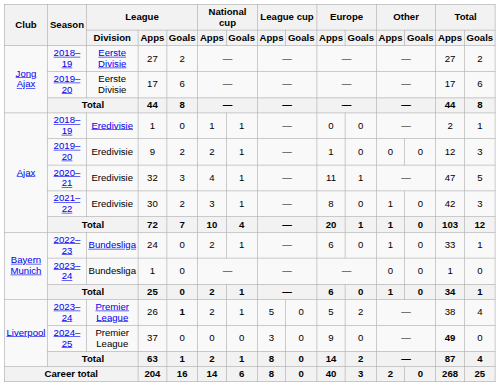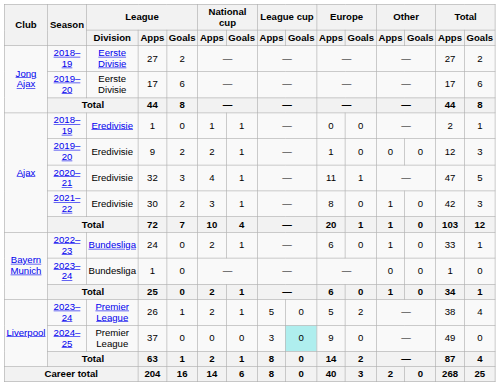 <table class="wikitable" style="text-align: center;">
 <tr>
 <th rowspan="2">Club</th>
 <th rowspan="2">Season</th>
 <th colspan="3">League</th>
 <th colspan="2">National cup</th>
 <th colspan="2">League cup</th>
 <th colspan="2">Europe</th>
 <th colspan="2">Other</th>
 <th colspan="2">Total</th>
 </tr>
 <tr>
 <th>Division</th>
 <th>Apps</th>
 <th>Goals</th>
 <th>Apps</th>
 <th>Goals</th>
 <th>Apps</th>
 <th>Goals</th>
 <th>Apps</th>
 <th>Goals</th>
 <th>Apps</th>
 <th>Goals</th>
 <th>Apps</th>
 <th>Goals</th>
 </tr>
 <tr>
 <td rowspan="3"><a href='#'>Jong Ajax</a></td>
 <td><a href='#'>2018–19</a></td>
 <td><a href='#'>Eerste Divisie</a></td>
 <td>27</td>
 <td>2</td>
 <td colspan="2">—</td>
 <td colspan="2">—</td>
 <td colspan="2">—</td>
 <td colspan="2">—</td>
 <td>27</td>
 <td>2</td>
 </tr>
 <tr>
 <td><a href='#'>2019–20</a></td>
 <td>Eerste Divisie</td>
 <td>17</td>
 <td>6</td>
 <td colspan="2">—</td>
 <td colspan="2">—</td>
 <td colspan="2">—</td>
 <td colspan="2">—</td>
 <td>17</td>
 <td>6</td>
 </tr>
 <tr>
 <th colspan="2">Total</th>
 <th>44</th>
 <th>8</th>
 <th colspan="2">—</th>
 <th colspan="2">—</th>
 <th colspan="2">—</th>
 <th colspan="2">—</th>
 <th>44</th>
 <th>8</th>
 </tr>
 <tr>
 <td rowspan="5"><a href='#'>Ajax</a></td>
 <td><a href='#'>2018–19</a></td>
 <td><a href='#'>Eredivisie</a></td>
 <td>1</td>
 <td>0</td>
 <td>1</td>
 <td>1</td>
 <td colspan="2">—</td>
 <td>0</td>
 <td>0</td>
 <td colspan="2">—</td>
 <td>2</td>
 <td>1</td>
 </tr>
 <tr>
 <td><a href='#'>2019–20</a></td>
 <td>Eredivisie</td>
 <td>9</td>
 <td>2</td>
 <td>2</td>
 <td>1</td>
 <td colspan="2">—</td>
 <td>1</td>
 <td>0</td>
 <td>0</td>
 <td>0</td>
 <td>12</td>
 <td>3</td>
 </tr>
 <tr>
 <td><a href='#'>2020–21</a></td>
 <td>Eredivisie</td>
 <td>32</td>
 <td>3</td>
 <td>4</td>
 <td>1</td>
 <td colspan="2">—</td>
 <td>11</td>
 <td>1</td>
 <td colspan="2">—</td>
 <td>47</td>
 <td>5</td>
 </tr>
 <tr>
 <td><a href='#'>2021–22</a></td>
 <td>Eredivisie</td>
 <td>30</td>
 <td>2</td>
 <td>3</td>
 <td>1</td>
 <td colspan="2">—</td>
 <td>8</td>
 <td>0</td>
 <td>1</td>
 <td>0</td>
 <td>42</td>
 <td>3</td>
 </tr>
 <tr>
 <th colspan="2">Total</th>
 <th>72</th>
 <th>7</th>
 <th>10</th>
 <th>4</th>
 <th colspan="2">—</th>
 <th>20</th>
 <th>1</th>
 <th>1</th>
 <th>0</th>
 <th>103</th>
 <th>12</th>
 </tr>
 <tr>
 <td rowspan="3"><a href='#'>Bayern Munich</a></td>
 <td><a href='#'>2022–23</a></td>
 <td><a href='#'>Bundesliga</a></td>
 <td>24</td>
 <td>0</td>
 <td>2</td>
 <td>1</td>
 <td colspan="2">—</td>
 <td>6</td>
 <td>0</td>
 <td>1</td>
 <td>0</td>
 <td>33</td>
 <td>1</td>
 </tr>
 <tr>
 <td><a href='#'>2023–24</a></td>
 <td>Bundesliga</td>
 <td>1</td>
 <td>0</td>
 <td colspan="2">—</td>
 <td colspan="2">—</td>
 <td colspan="2">—</td>
 <td>0</td>
 <td>0</td>
 <td>1</td>
 <td>0</td>
 </tr>
 <tr>
 <th colspan="2">Total</th>
 <th>25</th>
 <th>0</th>
 <th>2</th>
 <th>1</th>
 <th colspan="2">—</th>
 <th>6</th>
 <th>0</th>
 <th>1</th>
 <th>0</th>
 <th>34</th>
 <th>1</th>
 </tr>
 <tr>
 <td rowspan="3"><a href='#'>Liverpool</a></td>
 <td><a href='#'>2023–24</a></td>
 <td><a href='#'>Premier League</a></td>
 <td>26</td>
-<td><strong>1</strong></td>
+<td>1</td>
 <td>2</td>
 <td>1</td>
 <td>5</td>
 <td>0</td>
 <td>5</td>
 <td>2</td>
 <td colspan="2">—</td>
 <td>38</td>
 <td>4</td>
 </tr>
 <tr>
 <td><a href='#'>2024–25</a></td>
 <td>Premier League</td>
 <td>37</td>
 <td>0</td>
 <td>0</td>
 <td>0</td>
 <td>3</td>
-<td>0</td>
+<td style="background: paleturquoise;">0</td>
 <td>9</td>
 <td>0</td>
 <td colspan="2">—</td>
-<td><strong>49</strong></td>
+<td>49</td>
 <td>0</td>
 </tr>
 <tr>
 <th colspan="2">Total</th>
 <th>63</th>
 <th>1</th>
 <th>2</th>
 <th>1</th>
 <th>8</th>
 <th>0</th>
 <th>14</th>
 <th>2</th>
 <th colspan="2">—</th>
 <th>87</th>
 <th>4</th>
 </tr>
 <tr>
 <th colspan="3">Career total</th>
 <th>204</th>
 <th>16</th>
 <th>14</th>
 <th>6</th>
 <th>8</th>
 <th>0</th>
 <th>40</th>
 <th>3</th>
 <th>2</th>
 <th>0</th>
 <th>268</th>
 <th>25</th>
 </tr>
 </table>
